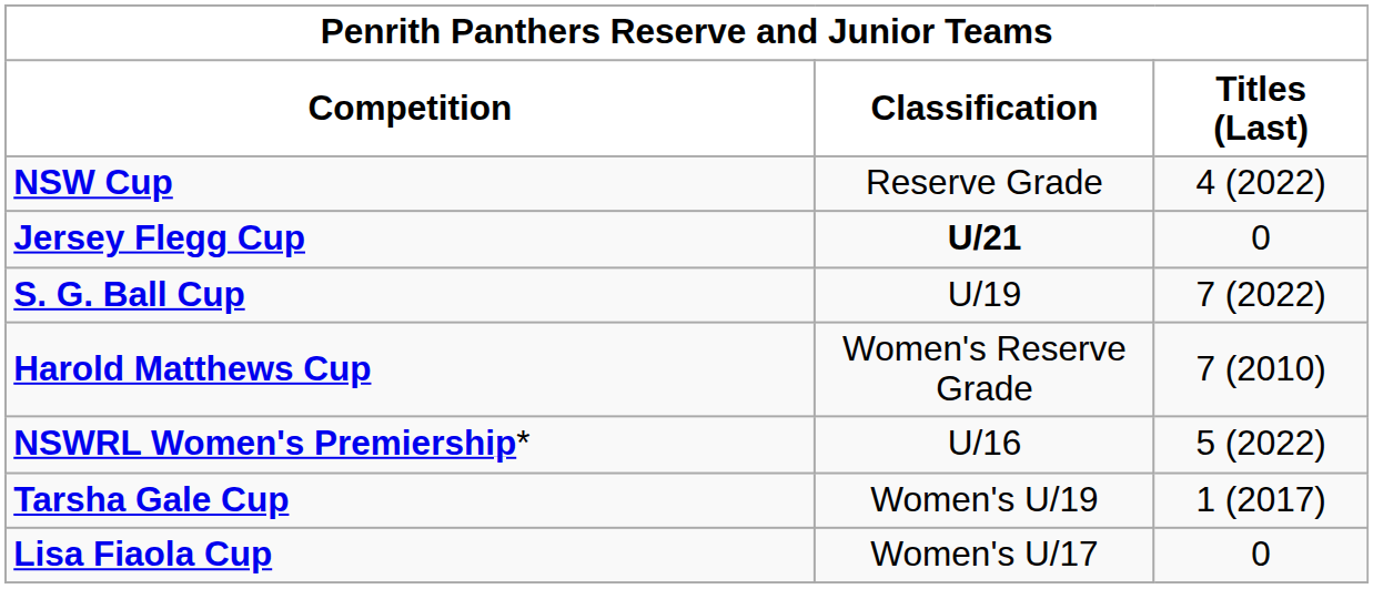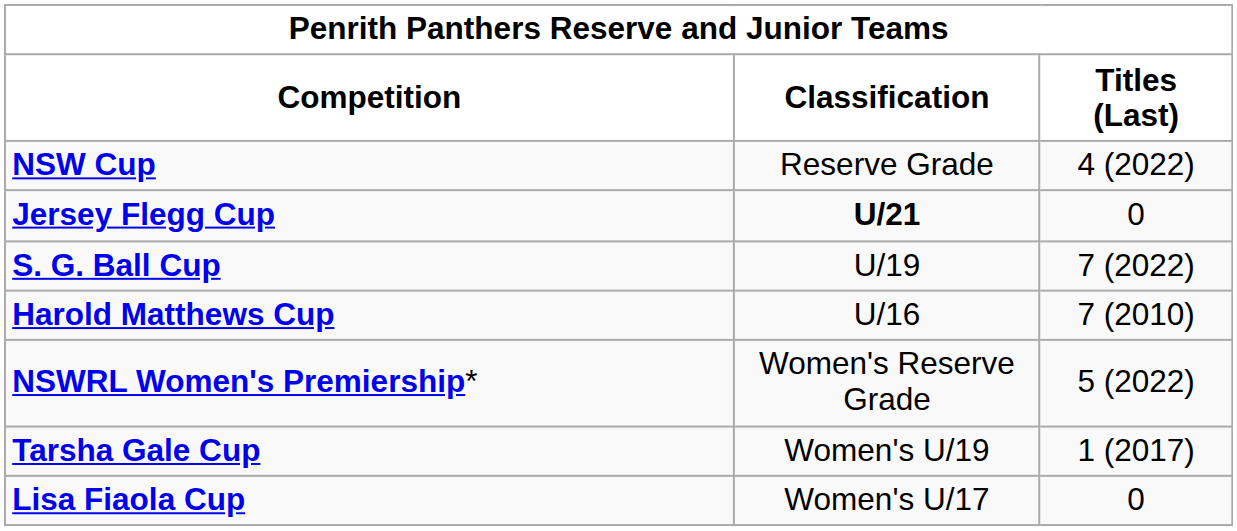 <table class="wikitable" style="width: 100%">
 <tr>
 <td colspan="9" style="background:white; text-align:center;"><strong>Penrith Panthers Reserve and Junior Teams</strong></td>
 </tr>
 <tr>
 <th style="background:white; width:06%">Competition</th>
 <th style="background:white; width:01%">Classification</th>
 <th style="background:white; width:01%">Titles<br>(Last)</th>
 </tr>
 <tr>
 <td style="text-align:left"><strong><a href='#'>NSW Cup</a></strong></td>
 <td style="text-align:center">Reserve Grade</td>
 <td style="text-align:center">4 (2022)</td>
 </tr>
 <tr>
 <td style="text-align:left"><strong><a href='#'>Jersey Flegg Cup</a></strong></td>
 <td style="text-align:center"><strong>U/21</strong></td>
 <td style="text-align:center">0</td>
 </tr>
 <tr>
 <td style="text-align:left"><strong><a href='#'>S. G. Ball Cup</a></strong></td>
 <td style="text-align:center">U/19</td>
 <td style="text-align:center">7 (2022)</td>
 </tr>
 <tr>
 <td style="text-align:left"><strong><a href='#'>Harold Matthews Cup</a></strong></td>
-<td style="text-align:center">Women's Reserve Grade</td>
+<td style="text-align:center">U/16</td>
 <td style="text-align:center">7 (2010)</td>
 </tr>
 <tr>
 <td style="text-align:left"><strong><a href='#'>NSWRL Women's Premiership</a></strong>*</td>
-<td style="text-align:center">U/16</td>
+<td style="text-align:center">Women's Reserve Grade</td>
 <td style="text-align:center">5 (2022)</td>
 </tr>
 <tr>
 <td style="text-align:left"><strong><a href='#'>Tarsha Gale Cup</a></strong></td>
 <td style="text-align:center">Women's U/19</td>
 <td style="text-align:center">1 (2017)</td>
 </tr>
 <tr>
 <td style="text-align:left"><strong><a href='#'>Lisa Fiaola Cup</a></strong></td>
 <td style="text-align:center">Women's U/17</td>
 <td style="text-align:center">0</td>
 </tr>
 </table>
